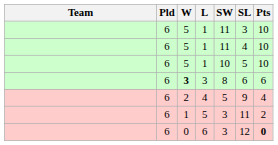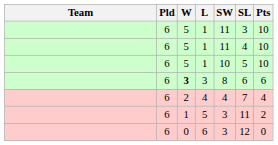 <table class=wikitable style="text-align:center">
 <tr>
 <th width=220>Team</th>
 <th width=20>Pld</th>
 <th width=20>W</th>
 <th width=20>L</th>
 <th width=20>SW</th>
 <th width=20>SL</th>
 <th width=20>Pts</th>
 </tr>
 <tr bgcolor=ccffcc>
 <td align=left></td>
 <td>6</td>
 <td>5</td>
 <td>1</td>
 <td>11</td>
 <td>3</td>
 <td>10</td>
 </tr>
 <tr bgcolor=ccffcc>
 <td align=left></td>
 <td>6</td>
 <td>5</td>
 <td>1</td>
 <td>11</td>
 <td>4</td>
 <td>10</td>
 </tr>
 <tr bgcolor=ccffcc>
 <td align=left></td>
 <td>6</td>
 <td>5</td>
 <td>1</td>
 <td>10</td>
 <td>5</td>
 <td>10</td>
 </tr>
 <tr bgcolor=ccffcc>
 <td align=left></td>
 <td>6</td>
 <td><strong>3</strong></td>
 <td>3</td>
 <td>8</td>
 <td>6</td>
 <td>6</td>
 </tr>
 <tr bgcolor=ffcccc>
 <td align=left></td>
 <td>6</td>
 <td>2</td>
 <td>4</td>
-<td>5</td>
-<td>9</td>
+<td>4</td>
+<td>7</td>
 <td>4</td>
 </tr>
 <tr bgcolor=ffcccc>
 <td align=left></td>
 <td>6</td>
 <td>1</td>
 <td>5</td>
 <td>3</td>
 <td>11</td>
 <td>2</td>
 </tr>
 <tr bgcolor=ffcccc>
 <td align=left></td>
 <td>6</td>
 <td>0</td>
 <td>6</td>
 <td>3</td>
 <td>12</td>
-<td><strong>0</strong></td>
+<td>0</td>
 </tr>
 </table>
